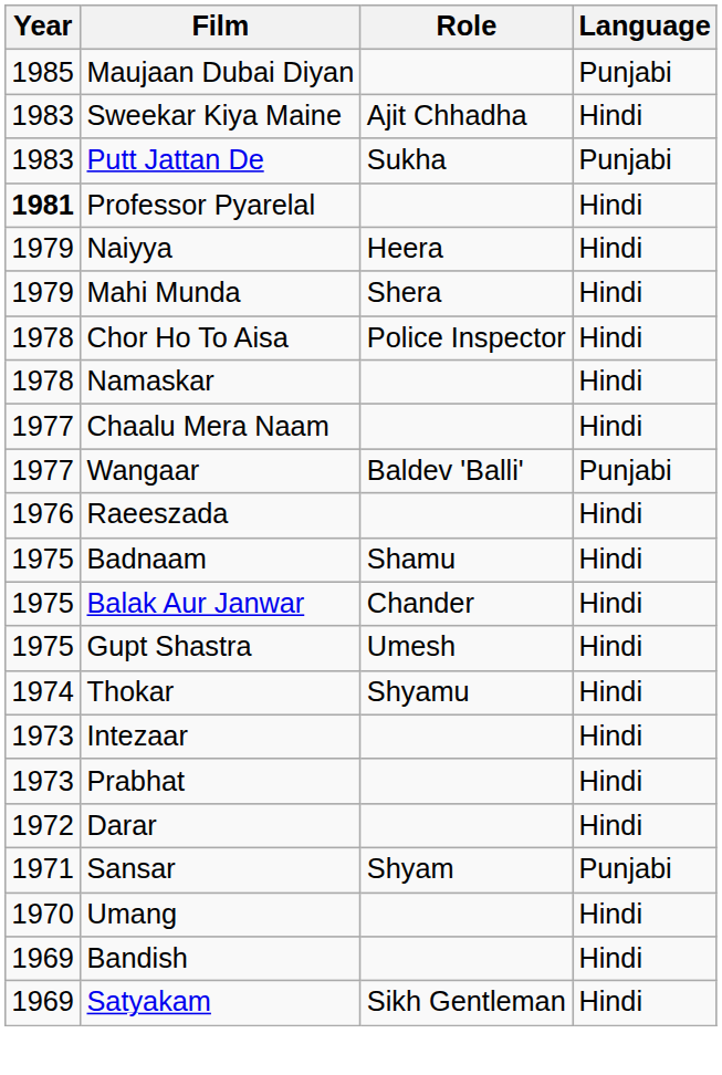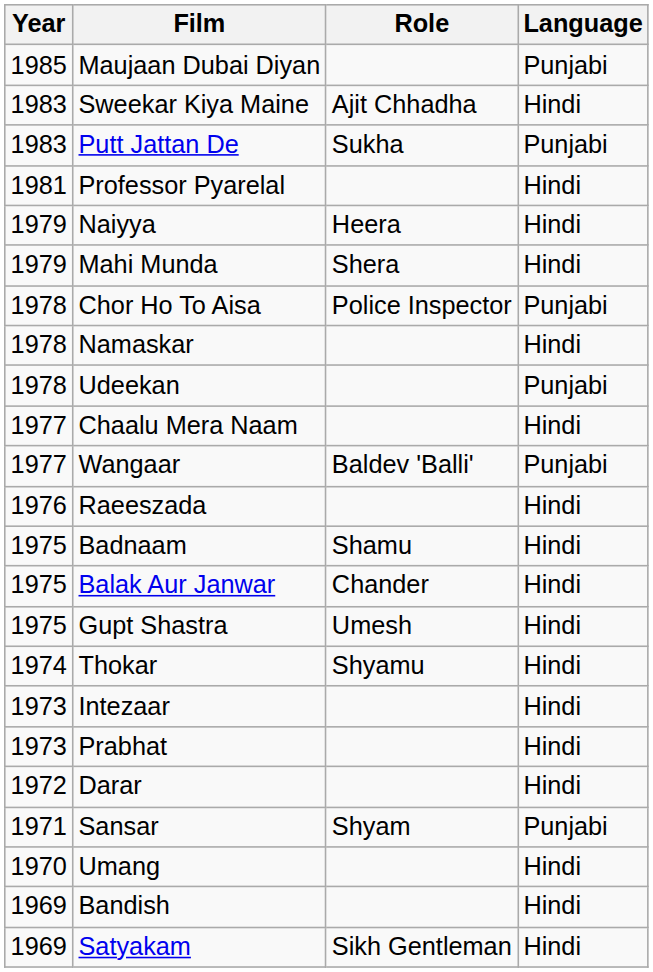 <table class="wikitable" style="align:centre;">
 <tr>
 <th>Year</th>
 <th>Film</th>
 <th>Role</th>
 <th>Language</th>
 </tr>
 <tr>
 <td>1985</td>
 <td>Maujaan Dubai Diyan</td>
 <td></td>
 <td>Punjabi</td>
 </tr>
 <tr>
 <td>1983</td>
 <td>Sweekar Kiya Maine</td>
 <td>Ajit Chhadha</td>
 <td>Hindi</td>
 </tr>
 <tr>
 <td>1983</td>
 <td><a href='#'>Putt Jattan De</a></td>
 <td>Sukha</td>
 <td>Punjabi</td>
 </tr>
 <tr>
-<td><strong>1981</strong></td>
+<td>1981</td>
 <td>Professor Pyarelal</td>
 <td></td>
 <td>Hindi</td>
 </tr>
 <tr>
 <td>1979</td>
 <td>Naiyya</td>
 <td>Heera</td>
 <td>Hindi</td>
 </tr>
 <tr>
 <td>1979</td>
 <td>Mahi Munda</td>
 <td>Shera</td>
 <td>Hindi</td>
 </tr>
 <tr>
 <td>1978</td>
 <td>Chor Ho To Aisa</td>
 <td>Police Inspector</td>
-<td>Hindi</td>
+<td>Punjabi</td>
 </tr>
 <tr>
 <td>1978</td>
 <td>Namaskar</td>
 <td></td>
 <td>Hindi</td>
+</tr>
+<tr>
+<td>1978</td>
+<td>Udeekan</td>
+<td></td>
+<td>Punjabi</td>
 </tr>
 <tr>
 <td>1977</td>
 <td>Chaalu Mera Naam</td>
 <td></td>
 <td>Hindi</td>
 </tr>
 <tr>
 <td>1977</td>
 <td>Wangaar</td>
 <td>Baldev 'Balli'</td>
 <td>Punjabi</td>
 </tr>
 <tr>
 <td>1976</td>
 <td>Raeeszada</td>
 <td></td>
 <td>Hindi</td>
 </tr>
 <tr>
 <td>1975</td>
 <td>Badnaam</td>
 <td>Shamu</td>
 <td>Hindi</td>
 </tr>
 <tr>
 <td>1975</td>
 <td><a href='#'>Balak Aur Janwar</a></td>
 <td>Chander</td>
 <td>Hindi</td>
 </tr>
 <tr>
 <td>1975</td>
 <td>Gupt Shastra</td>
 <td>Umesh</td>
 <td>Hindi</td>
 </tr>
 <tr>
 <td>1974</td>
 <td>Thokar</td>
 <td>Shyamu</td>
 <td>Hindi</td>
 </tr>
 <tr>
 <td>1973</td>
 <td>Intezaar</td>
 <td></td>
 <td>Hindi</td>
 </tr>
 <tr>
 <td>1973</td>
 <td>Prabhat</td>
 <td></td>
 <td>Hindi</td>
 </tr>
 <tr>
 <td>1972</td>
 <td>Darar</td>
 <td></td>
 <td>Hindi</td>
 </tr>
 <tr>
 <td>1971</td>
 <td>Sansar</td>
 <td>Shyam</td>
 <td>Punjabi</td>
 </tr>
 <tr>
 <td>1970</td>
 <td>Umang</td>
 <td></td>
 <td>Hindi</td>
 </tr>
 <tr>
 <td>1969</td>
 <td>Bandish</td>
 <td></td>
 <td>Hindi</td>
 </tr>
 <tr>
 <td>1969</td>
 <td><a href='#'>Satyakam</a></td>
 <td>Sikh Gentleman</td>
 <td>Hindi</td>
 </tr>
 </table>
